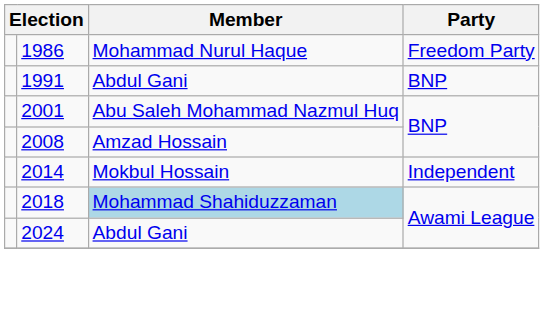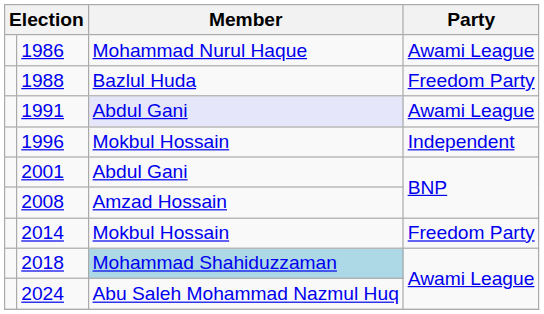 <table class="wikitable">
 <tr>
 <th colspan="2">Election</th>
 <th>Member</th>
 <th>Party</th>
 </tr>
 <tr>
 <td style="background-color:"></td>
 <td><a href='#'>1986</a></td>
 <td><a href='#'>Mohammad Nurul Haque</a></td>
+<td><a href='#'>Awami League</a></td>
+</tr>
+<tr>
+<td style="background-color:"></td>
+<td><a href='#'>1988</a></td>
+<td><a href='#'>Bazlul Huda</a></td>
 <td><a href='#'>Freedom Party</a></td>
 </tr>
 <tr>
 <td style="background-color:"></td>
 <td><a href='#'>1991</a></td>
-<td><a href='#'>Abdul Gani</a></td>
-<td><a href='#'>BNP</a></td>
+<td style="background: lavender;"><a href='#'>Abdul Gani</a></td>
+<td><a href='#'>Awami League</a></td>
+</tr>
+<tr>
+<td style="background-color:"></td>
+<td><a href='#'>1996</a></td>
+<td><a href='#'>Mokbul Hossain</a></td>
+<td><a href='#'>Independent</a></td>
 </tr>
 <tr>
 <td style="background-color:"></td>
 <td><a href='#'>2001</a></td>
-<td><a href='#'>Abu Saleh Mohammad Nazmul Huq</a></td>
+<td><a href='#'>Abdul Gani</a></td>
 <td rowspan="2"><a href='#'>BNP</a></td>
 </tr>
 <tr>
 <td style="background-color:"></td>
 <td><a href='#'>2008</a></td>
 <td><a href='#'>Amzad Hossain</a></td>
 </tr>
 <tr>
 <td style="background-color:"></td>
 <td><a href='#'>2014</a></td>
 <td><a href='#'>Mokbul Hossain</a></td>
-<td><a href='#'>Independent</a></td>
+<td><a href='#'>Freedom Party</a></td>
 </tr>
 <tr>
 <td style="background-color:"></td>
 <td><a href='#'>2018</a></td>
 <td style="background: lightblue;"><a href='#'>Mohammad Shahiduzzaman</a></td>
 <td rowspan="2"><a href='#'>Awami League</a></td>
 </tr>
 <tr>
 <td style="background-color:"></td>
 <td><a href='#'>2024</a></td>
-<td><a href='#'>Abdul Gani</a></td>
+<td><a href='#'>Abu Saleh Mohammad Nazmul Huq</a></td>
 </tr>
 <tr>
 </tr>
 </table>
